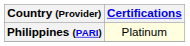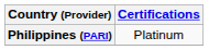 <table class="wikitable sortable plainrowheaders">
 <tr>
 <th>Country <small>(Provider)</small></th>
 <th><a href='#'>Certifications</a></th>
 </tr>
 <tr>
 <th scope=row>Philippines <small>(<a href='#'>PARI</a>)</small></th>
-<td style="background: lightyellow; text-align:center;">Platinum</td>
+<td style="text-align:center;">Platinum</td>
 </tr>
 <tr>
 </tr>
 </table>
